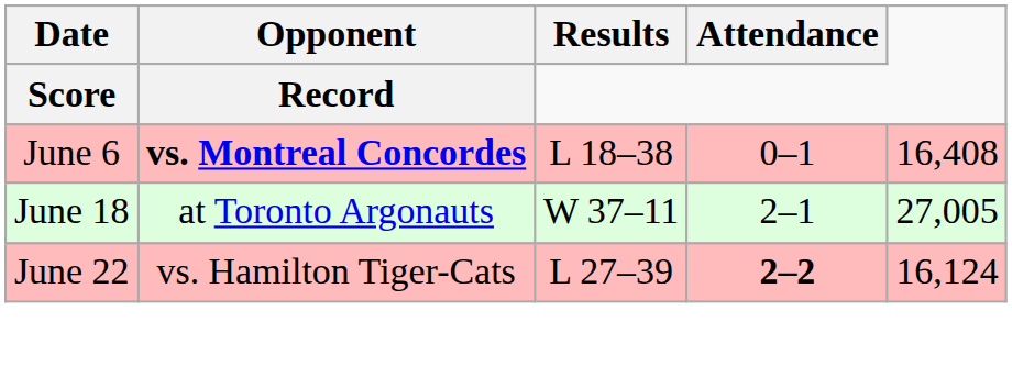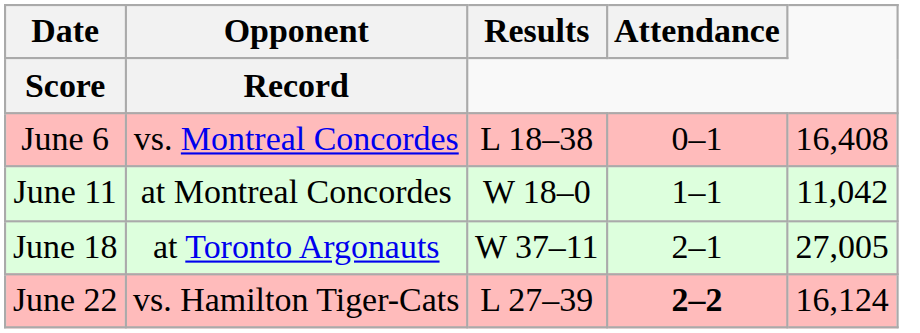 <table class="wikitable" style="text-align:center">
 <tr>
 <th>Date</th>
 <th>Opponent</th>
 <th>Results</th>
 <th>Attendance</th>
 </tr>
 <tr>
 <th>Score</th>
 <th>Record</th>
 </tr>
 <tr style="background:#ffbbbb">
 <td>June 6</td>
-<td><strong>vs. <a href='#'>Montreal Concordes</a></strong></td>
+<td>vs. <a href='#'>Montreal Concordes</a></td>
 <td>L 18–38</td>
 <td>0–1</td>
 <td>16,408</td>
+</tr>
+<tr style="background:#ddffdd">
+<td>June 11</td>
+<td>at Montreal Concordes</td>
+<td>W 18–0</td>
+<td>1–1</td>
+<td>11,042</td>
 </tr>
 <tr style="background:#ddffdd">
 <td>June 18</td>
 <td>at <a href='#'>Toronto Argonauts</a></td>
 <td>W 37–11</td>
 <td>2–1</td>
 <td>27,005</td>
 </tr>
 <tr style="background:#ffbbbb">
 <td>June 22</td>
 <td>vs. Hamilton Tiger-Cats</td>
 <td>L 27–39</td>
 <td><strong>2–2</strong></td>
 <td>16,124</td>
 </tr>
 </table>
